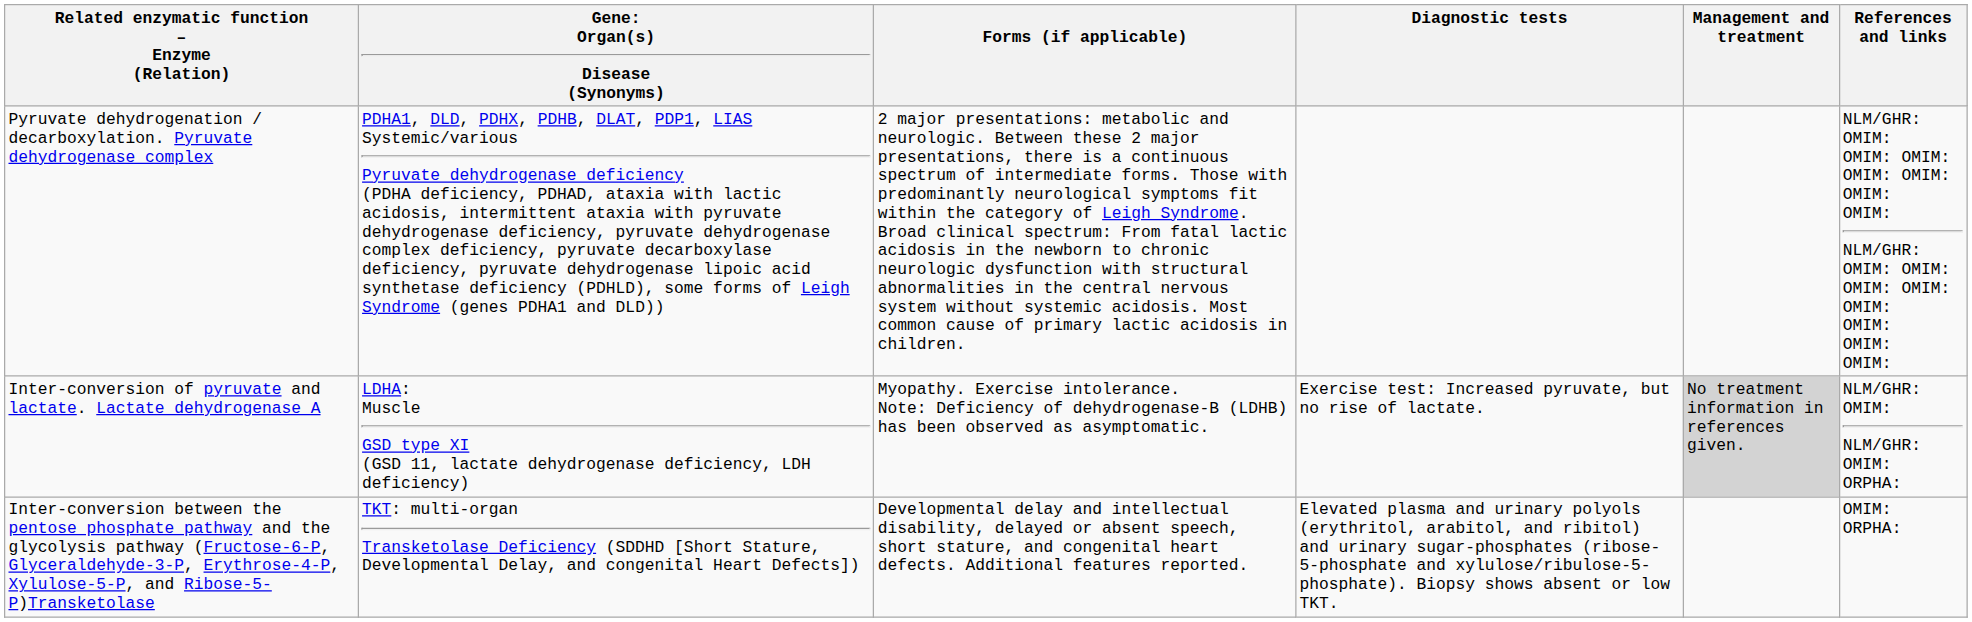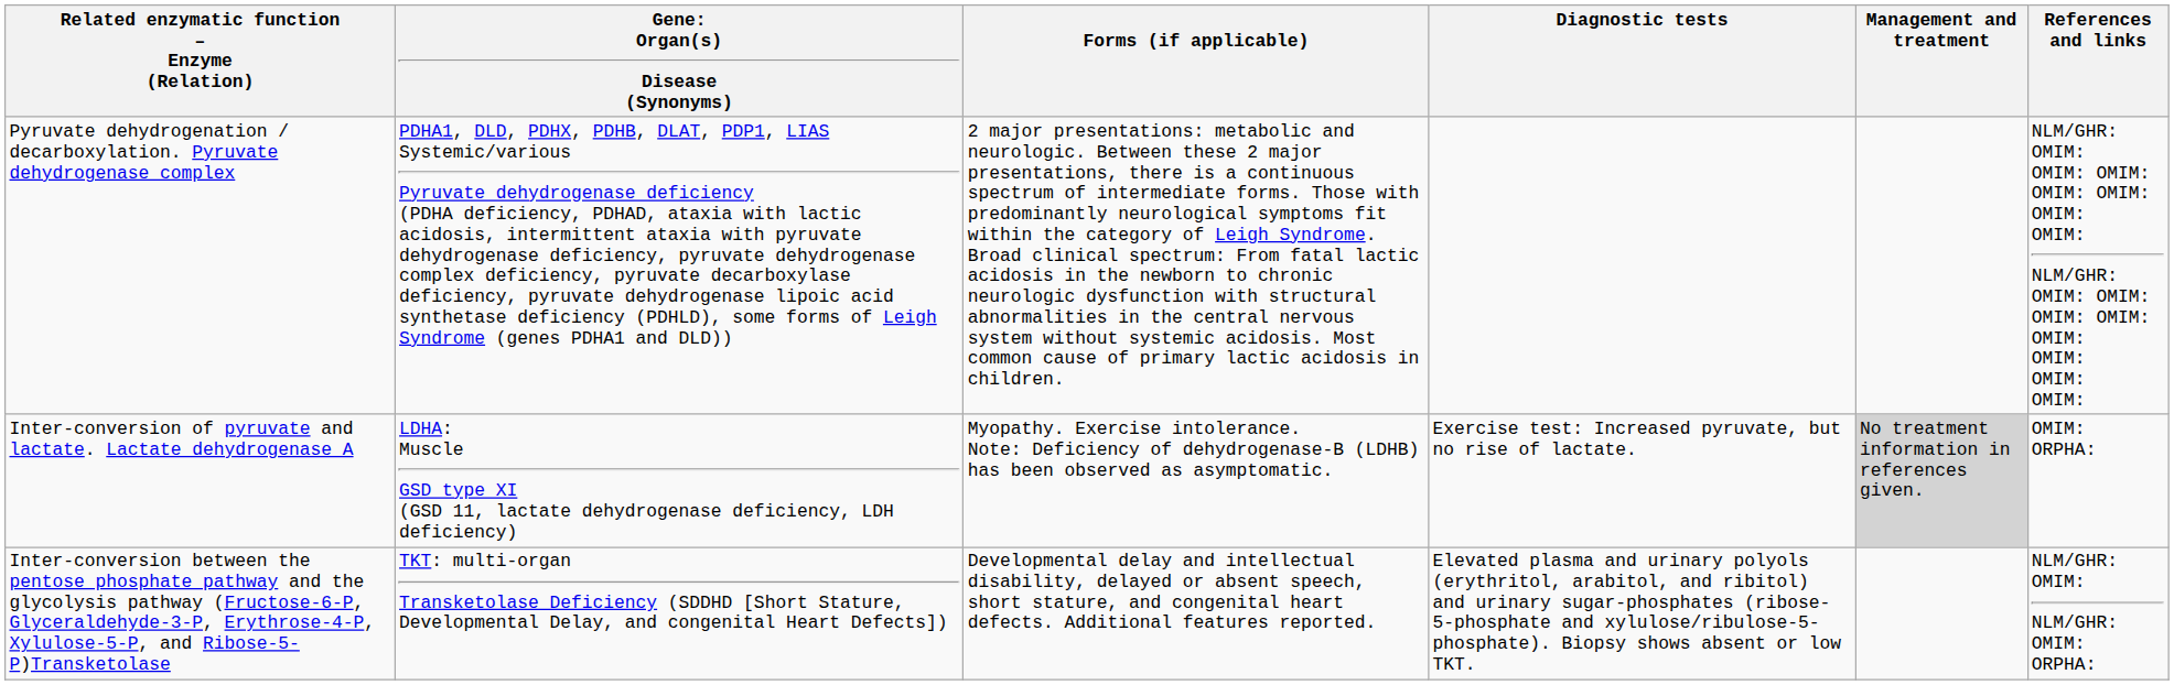 <table class="wikitable">
 <tr valign="top">
 <th>Related enzymatic function <br>–<br> Enzyme <br> (Relation)</th>
 <th>Gene: <br> Organ(s) <hr> Disease<br>(Synonyms)</th>
 <th> <br> Forms (if applicable) <br> </th>
 <th>Diagnostic tests</th>
 <th>Management and treatment</th>
 <th>References <br> and links</th>
 </tr>
 <tr valign="top">
 <td>Pyruvate  dehydrogenation / decarboxylation.   <a href='#'>Pyruvate dehydrogenase complex</a></td>
 <td><a href='#'>PDHA1</a>, <a href='#'>DLD</a>, <a href='#'>PDHX</a>, <a href='#'>PDHB</a>, <a href='#'>DLAT</a>, <a href='#'>PDP1</a>, <a href='#'>LIAS</a><br>Systemic/various<hr> <a href='#'>Pyruvate dehydrogenase deficiency</a> <br> (PDHA deficiency, PDHAD, ataxia with lactic acidosis, intermittent ataxia with pyruvate dehydrogenase deficiency, pyruvate dehydrogenase complex deficiency, pyruvate decarboxylase deficiency, pyruvate dehydrogenase lipoic acid synthetase deficiency (PDHLD), some forms of <a href='#'>Leigh Syndrome</a> (genes PDHA1 and DLD))</td>
 <td>2 major presentations: metabolic and neurologic. Between these 2 major presentations, there is a continuous spectrum of intermediate forms. Those with predominantly neurological symptoms fit within the category of <a href='#'>Leigh Syndrome</a>.<br>Broad clinical spectrum: From fatal lactic acidosis in the newborn to chronic neurologic dysfunction with structural abnormalities in the central nervous system without systemic acidosis. Most common cause of primary lactic acidosis in children.</td>
 <td></td>
 <td></td>
 <td>NLM/GHR: <br>OMIM: <br>OMIM:  OMIM:  OMIM:  OMIM:  OMIM: <br>OMIM:  <hr> NLM/GHR: <br>OMIM:  OMIM:  OMIM:  OMIM:  OMIM: <br>OMIM: <br>OMIM: <br>OMIM: </td>
 </tr>
 <tr valign="top">
 <td>Inter-conversion of <a href='#'>pyruvate</a> and <a href='#'>lactate</a>.  <a href='#'>Lactate dehydrogenase A</a></td>
 <td><a href='#'>LDHA</a>: <br> Muscle <hr>  <a href='#'>GSD type XI</a> <br> (GSD 11, lactate dehydrogenase deficiency, LDH deficiency)</td>
 <td>Myopathy. Exercise intolerance.<br>Note: Deficiency of dehydrogenase-B (LDHB) has been observed as asymptomatic.</td>
 <td>Exercise test: Increased pyruvate, but no rise of lactate.</td>
 <td style="background: lightgrey;">No treatment information in references given.</td>
-<td>NLM/GHR: <br>OMIM:  <hr> NLM/GHR: <br>OMIM: <br>ORPHA: </td>
+<td>OMIM: <br>ORPHA: </td>
 </tr>
 <tr valign="top">
 <td>Inter-conversion between the <a href='#'>pentose phosphate pathway</a> and the glycolysis pathway (<a href='#'>Fructose-6-P</a>, <a href='#'>Glyceraldehyde-3-P</a>, <a href='#'>Erythrose-4-P</a>, <a href='#'>Xylulose-5-P</a>, and <a href='#'>Ribose-5-P</a>)<a href='#'>Transketolase</a></td>
 <td><a href='#'>TKT</a>: multi-organ<hr><a href='#'>Transketolase Deficiency</a> (SDDHD [Short Stature, Developmental Delay, and congenital Heart Defects])</td>
 <td>Developmental delay and intellectual disability, delayed or absent speech, short stature, and congenital heart defects. Additional features reported.</td>
 <td>Elevated plasma and urinary polyols (erythritol, arabitol, and ribitol) and urinary sugar-phosphates (ribose-5-phosphate and xylulose/ribulose-5-phosphate). Biopsy shows absent or low TKT.</td>
 <td></td>
-<td>OMIM: <br>ORPHA: </td>
+<td>NLM/GHR: <br>OMIM:  <hr> NLM/GHR: <br>OMIM: <br>ORPHA: </td>
 </tr>
 </table>
